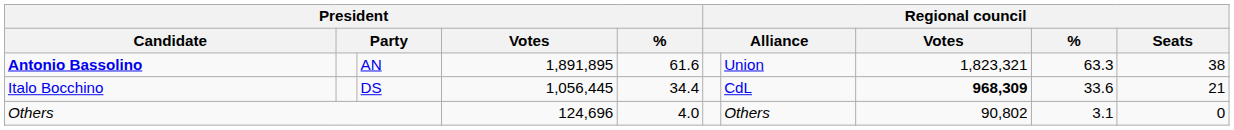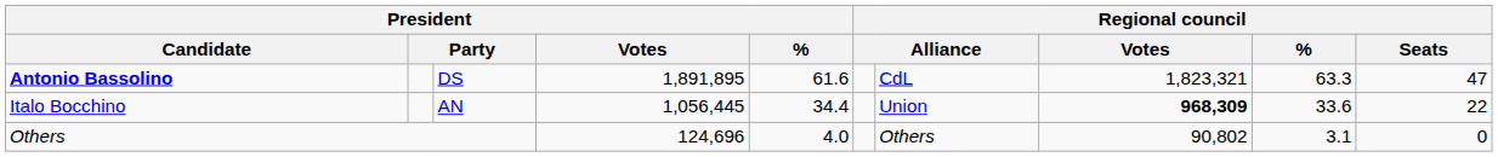 <table class="wikitable" style="text-align:right; style="width=65%">
 <tr>
 <th colspan="5">President</th>
 <th colspan="7">Regional council</th>
 </tr>
 <tr>
 <th>Candidate</th>
 <th colspan="2">Party</th>
 <th>Votes</th>
 <th>%</th>
 <th colspan="2">Alliance</th>
 <th>Votes</th>
 <th>%</th>
 <th>Seats</th>
 </tr>
 <tr>
 <td style="text-align:left"><strong><a href='#'>Antonio Bassolino</a></strong></td>
 <td></td>
-<td style="text-align:left"><a href='#'>AN</a></td>
+<td style="text-align:left"><a href='#'>DS</a></td>
 <td>1,891,895</td>
 <td>61.6</td>
 <td></td>
-<td style="text-align:left"><a href='#'>Union</a></td>
+<td style="text-align:left"><a href='#'>CdL</a></td>
 <td>1,823,321</td>
 <td>63.3</td>
-<td>38</td>
+<td>47</td>
 </tr>
 <tr>
 <td style="text-align:left"><a href='#'>Italo Bocchino</a></td>
 <td></td>
-<td style="text-align:left"><a href='#'>DS</a></td>
+<td style="text-align:left"><a href='#'>AN</a></td>
 <td>1,056,445</td>
 <td>34.4</td>
 <td></td>
-<td style="text-align:left"><a href='#'>CdL</a></td>
+<td style="text-align:left"><a href='#'>Union</a></td>
 <td><strong>968,309</strong></td>
 <td>33.6</td>
-<td>21</td>
+<td>22</td>
 </tr>
 <tr>
 <td colspan="3" style="text-align:left"><em>Others</em></td>
 <td>124,696</td>
 <td>4.0</td>
 <td></td>
 <td style="text-align:left"><em>Others</em></td>
 <td>90,802</td>
 <td>3.1</td>
 <td>0</td>
 </tr>
 </table>
